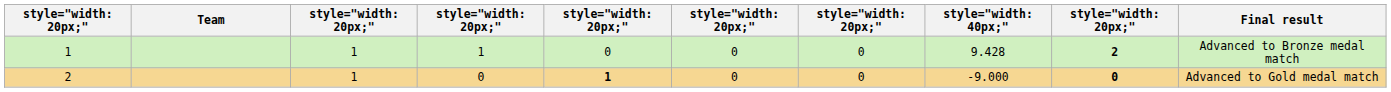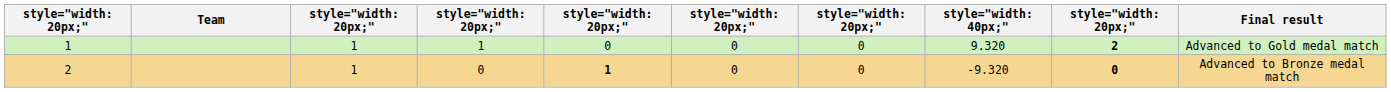 <table class="wikitable" border="1" style="text-align: center;">
 <tr>
 <th>style="width: 20px;"</th>
 <th style="width: 175px;">Team</th>
 <th>style="width: 20px;"</th>
 <th>style="width: 20px;"</th>
 <th>style="width: 20px;"</th>
 <th>style="width: 20px;"</th>
 <th>style="width: 20px;"</th>
 <th>style="width: 40px;"</th>
 <th>style="width: 20px;"</th>
 <th style="width: 230px;">Final result</th>
 </tr>
 <tr style="background:#D0F0C0;">
 <td>1</td>
 <td style="text-align:left"></td>
 <td>1</td>
 <td>1</td>
 <td>0</td>
 <td>0</td>
 <td>0</td>
-<td>9.428</td>
+<td>9.320</td>
 <td><strong>2</strong></td>
-<td>Advanced to Bronze medal match</td>
+<td>Advanced to Gold medal match</td>
 </tr>
 <tr style="background:#F6D792;">
 <td>2</td>
 <td style="text-align:left"></td>
 <td>1</td>
 <td>0</td>
 <td><strong>1</strong></td>
 <td>0</td>
 <td>0</td>
-<td>-9.000</td>
+<td>-9.320</td>
 <td><strong>0</strong></td>
-<td>Advanced to Gold medal match</td>
+<td>Advanced to Bronze medal match</td>
 </tr>
 </table>
